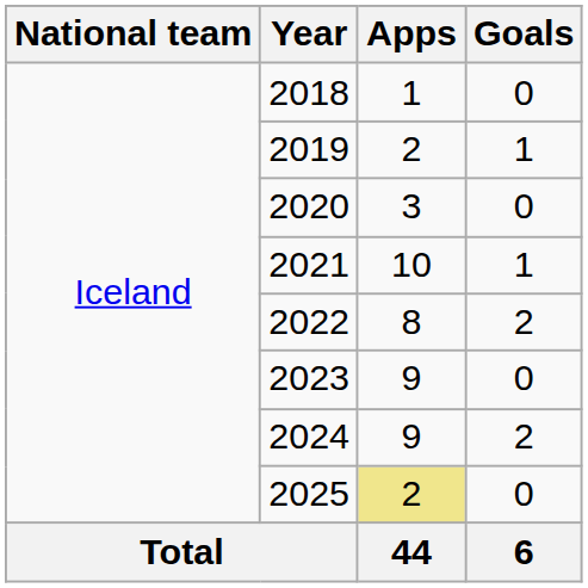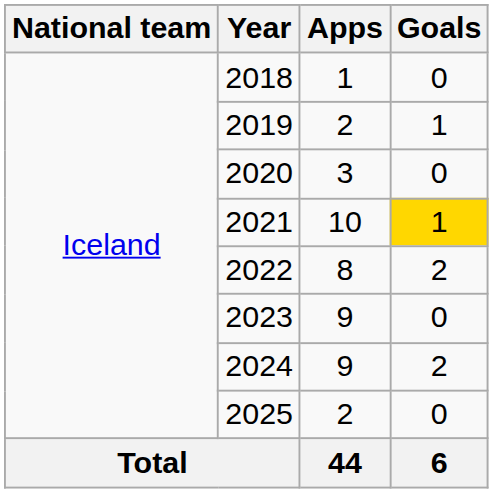 <table class="wikitable" style="text-align:center">
 <tr>
 <th>National team</th>
 <th>Year</th>
 <th>Apps</th>
 <th>Goals</th>
 </tr>
 <tr>
 <td rowspan="8"><a href='#'>Iceland</a></td>
 <td>2018</td>
 <td>1</td>
 <td>0</td>
 </tr>
 <tr>
 <td>2019</td>
 <td>2</td>
 <td>1</td>
 </tr>
 <tr>
 <td>2020</td>
 <td>3</td>
 <td>0</td>
 </tr>
 <tr>
 <td>2021</td>
 <td>10</td>
-<td>1</td>
+<td style="background: gold;">1</td>
 </tr>
 <tr>
 <td>2022</td>
 <td>8</td>
 <td>2</td>
 </tr>
 <tr>
 <td>2023</td>
 <td>9</td>
 <td>0</td>
 </tr>
 <tr>
 <td>2024</td>
 <td>9</td>
 <td>2</td>
 </tr>
 <tr>
 <td>2025</td>
-<td style="background: khaki;">2</td>
+<td>2</td>
 <td>0</td>
 </tr>
 <tr>
 <th colspan="2">Total</th>
 <th>44</th>
 <th>6</th>
 </tr>
 </table>
